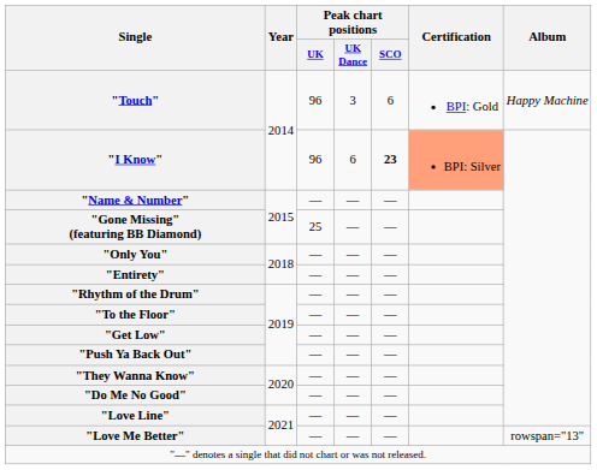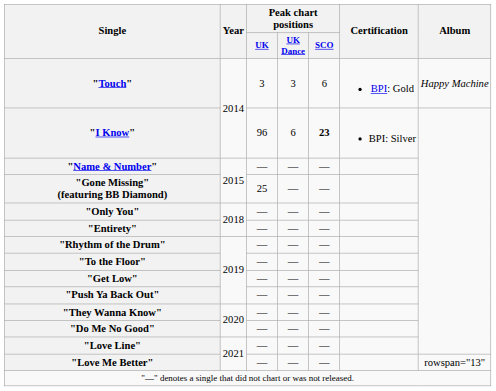 <table class="wikitable plainrowheaders" style="text-align:center;">
 <tr>
 <th scope="col" rowspan="2" style="width:20em;">Single</th>
 <th scope="col" rowspan="2" style="width:1em;">Year</th>
 <th scope="col" colspan="3">Peak chart positions</th>
 <th scope="col" rowspan="2">Certification</th>
 <th scope="col" rowspan="2">Album</th>
 </tr>
 <tr>
 <th scope="col" style="width:3em;font-size:85%;"><a href='#'>UK</a><br></th>
 <th scope="col" style="width:3em;font-size:85%;"><a href='#'>UK Dance</a><br></th>
 <th scope="col" style="width:3em;font-size:85%;"><a href='#'>SCO</a><br></th>
 </tr>
 <tr>
 <th scope="row">"<a href='#'>Touch</a>"</th>
 <td rowspan="2">2014</td>
-<td>96</td>
+<td>3</td>
 <td>3</td>
 <td>6</td>
 <td><br><ul><li><a href='#'>BPI</a>: Gold</li></ul></td>
 <td><em>Happy Machine</em></td>
 </tr>
 <tr>
 <th scope="row">"<a href='#'>I Know</a>"</th>
 <td>96</td>
 <td>6</td>
 <td><strong>23</strong></td>
-<td style="background: lightsalmon;"><br><ul><li>BPI: Silver</li></ul></td>
+<td><br><ul><li>BPI: Silver</li></ul></td>
 </tr>
 <tr>
 <th scope="row">"<a href='#'>Name & Number</a>"</th>
 <td rowspan="2">2015</td>
 <td>—</td>
 <td>—</td>
 <td>—</td>
 <td></td>
 </tr>
 <tr>
 <th scope="row">"Gone Missing"<br><span>(featuring BB Diamond)</span></th>
 <td>25</td>
 <td>—</td>
 <td>—</td>
 <td></td>
 </tr>
 <tr>
 <th scope="row">"Only You"</th>
 <td rowspan="2">2018</td>
 <td>—</td>
 <td>—</td>
 <td>—</td>
 <td></td>
 </tr>
 <tr>
 <th scope="row">"Entirety"<br></th>
 <td>—</td>
 <td>—</td>
 <td>—</td>
 <td></td>
 </tr>
 <tr>
 <th scope="row">"Rhythm of the Drum"</th>
 <td rowspan="4">2019</td>
 <td>—</td>
 <td>—</td>
 <td>—</td>
 <td></td>
 </tr>
 <tr>
 <th scope="row">"To the Floor"</th>
 <td>—</td>
 <td>—</td>
 <td>—</td>
 <td></td>
 </tr>
 <tr>
 <th scope="row">"Get Low"</th>
 <td>—</td>
 <td>—</td>
 <td>—</td>
 <td></td>
 </tr>
 <tr>
 <th scope="row">"Push Ya Back Out"</th>
 <td>—</td>
 <td>—</td>
 <td>—</td>
 <td></td>
 </tr>
 <tr>
 <th scope="row">"They Wanna Know"</th>
 <td rowspan="2">2020</td>
 <td>—</td>
 <td>—</td>
 <td>—</td>
 <td></td>
 </tr>
 <tr>
 <th scope="row">"Do Me No Good"</th>
 <td>—</td>
 <td>—</td>
 <td>—</td>
 <td></td>
 </tr>
 <tr>
 <th scope="row">"Love Line"<br></th>
 <td rowspan="2">2021</td>
 <td>—</td>
 <td>—</td>
 <td>—</td>
 <td></td>
 </tr>
 <tr>
 <th scope="row">"Love Me Better" <br></th>
 <td>—</td>
 <td>—</td>
 <td>—</td>
 <td></td>
 <td>rowspan="13" </td>
 </tr>
 <tr>
 <td colspan="19" style="font-size:85%">"—" denotes a single that did not chart or was not released.</td>
 </tr>
 </table>
